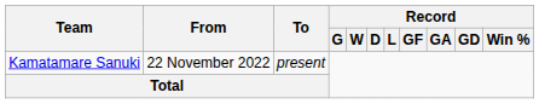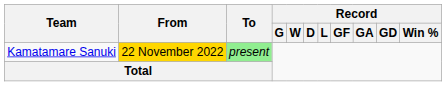 <table class="wikitable" style="text-align: left">
 <tr>
 <th rowspan="2">Team</th>
 <th rowspan="2">From</th>
 <th rowspan="2">To</th>
 <th colspan="8">Record</th>
 </tr>
 <tr>
 <th>G</th>
 <th>W</th>
 <th>D</th>
 <th>L</th>
 <th>GF</th>
 <th>GA</th>
 <th>GD</th>
 <th>Win %</th>
 </tr>
 <tr>
 <td><a href='#'>Kamatamare Sanuki</a></td>
-<td>22 November 2022</td>
-<td><em>present</em><br></td>
+<td style="background: gold;">22 November 2022</td>
+<td style="background: lightgreen;"><em>present</em><br></td>
 </tr>
 <tr>
 <th colspan="3">Total<br></th>
 </tr>
 </table>
